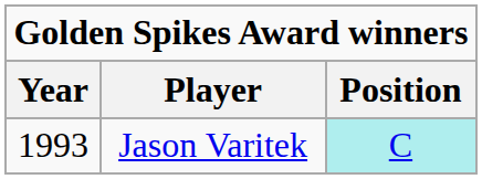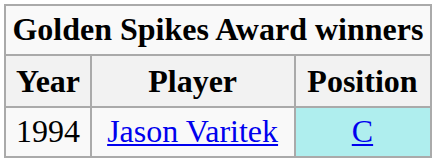 <table class="wikitable">
 <tr>
 <td colspan="3"><strong>Golden Spikes Award winners</strong></td>
 </tr>
 <tr>
 <th>Year</th>
 <th>Player</th>
 <th>Position</th>
 </tr>
 <tr style="text-align:center;">
-<td>1993</td>
+<td>1994</td>
 <td><a href='#'>Jason Varitek</a></td>
 <td style="background: paleturquoise;"><a href='#'>C</a></td>
 </tr>
 </table>
